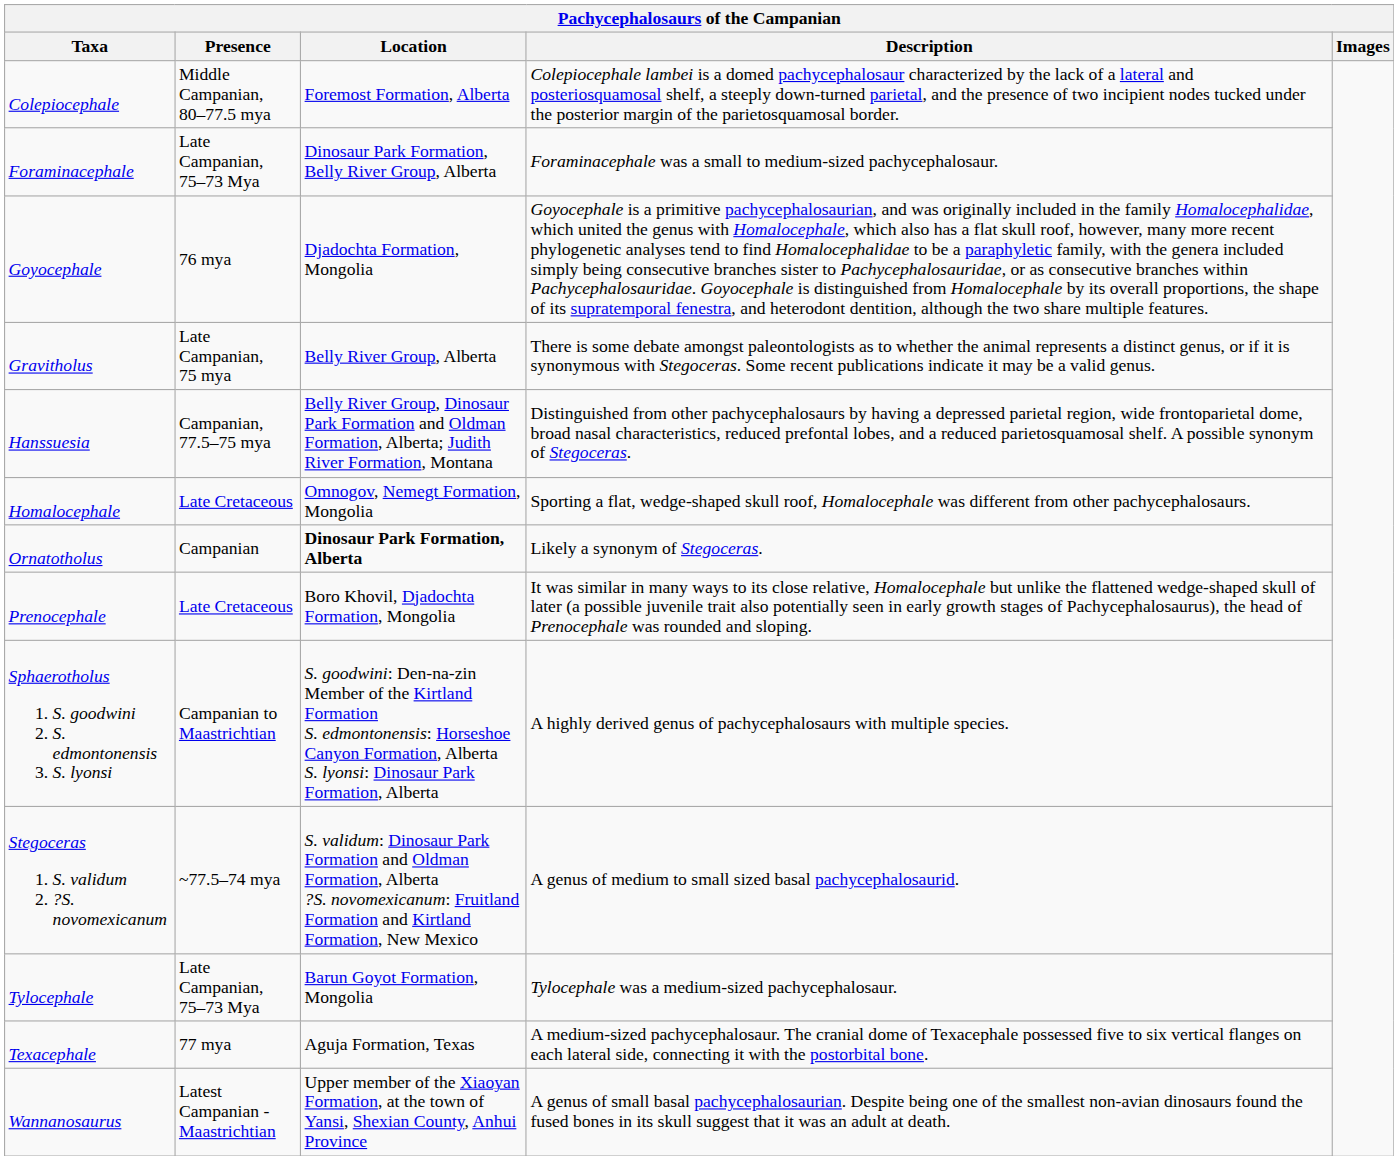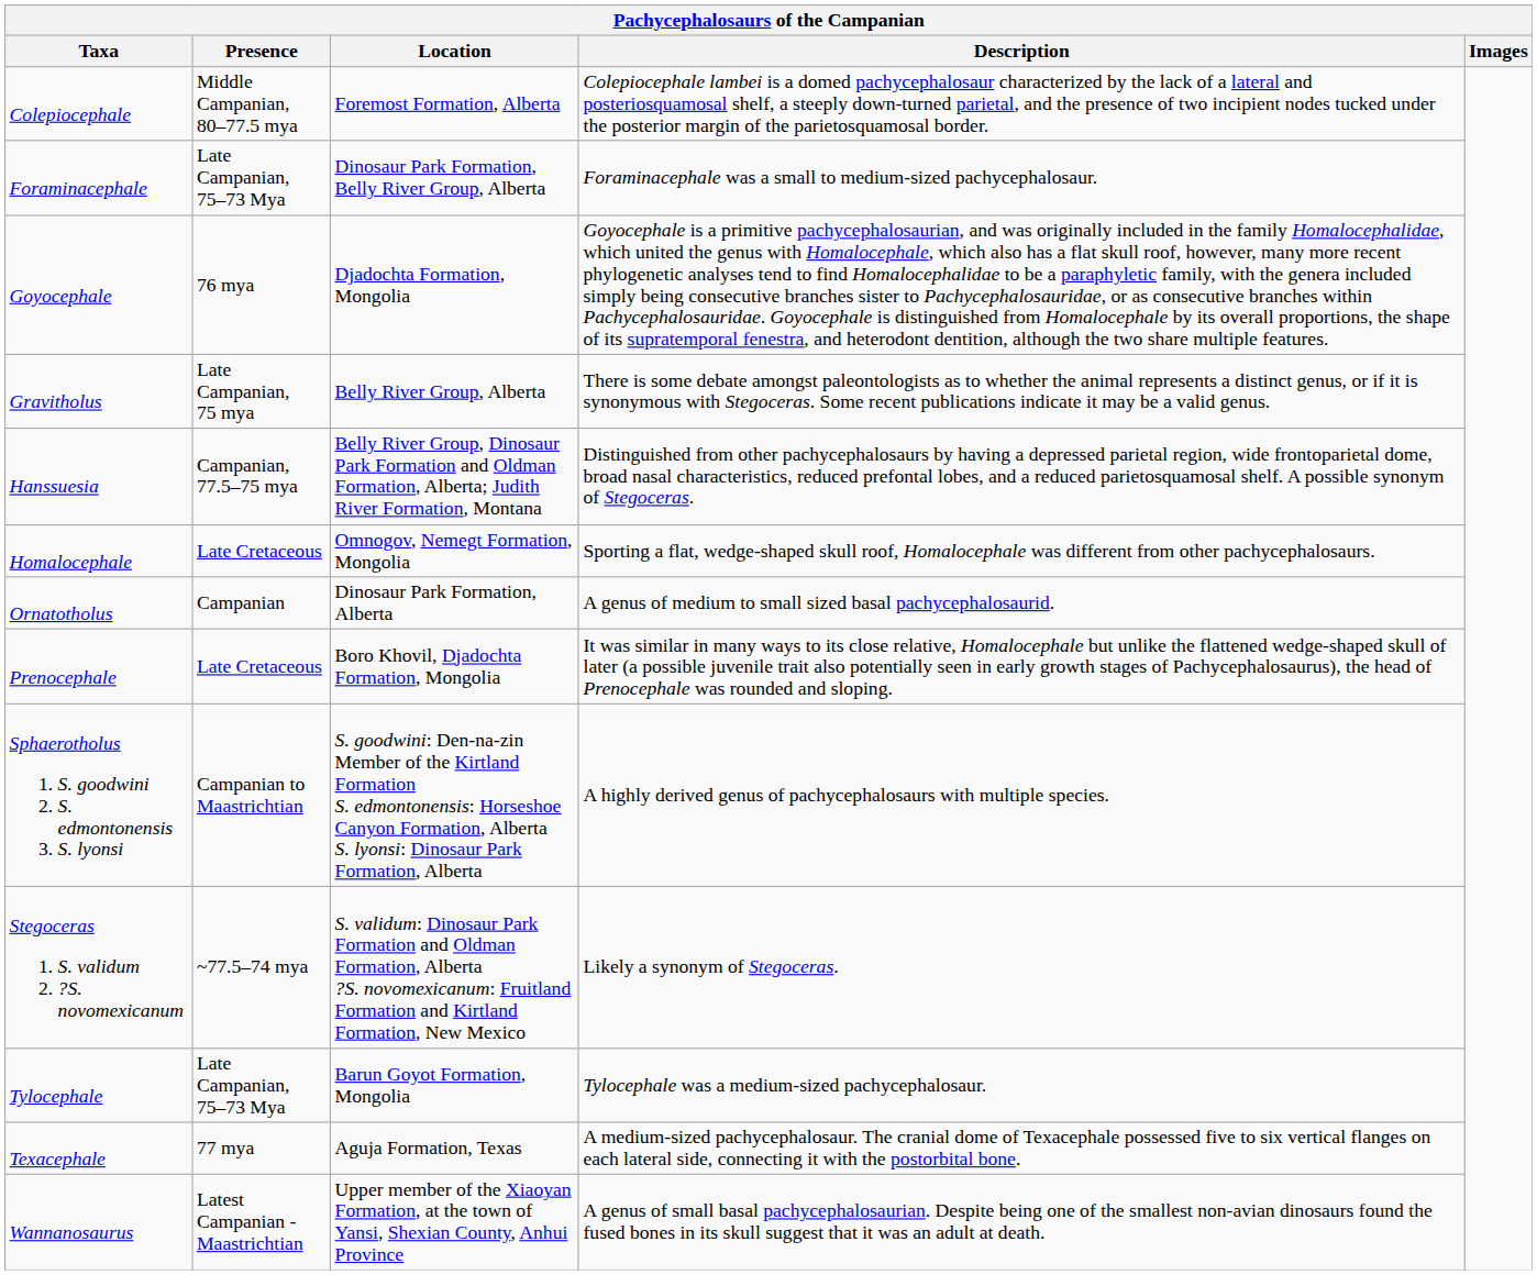 <table class="wikitable" align="center" width="100%">
 <tr>
 <th colspan="5" align="center"><a href='#'>Pachycephalosaurs</a> of the Campanian</th>
 </tr>
 <tr>
 <th>Taxa</th>
 <th>Presence</th>
 <th>Location</th>
 <th>Description</th>
 <th>Images</th>
 </tr>
 <tr>
 <td><br><em><a href='#'>Colepiocephale</a></em></td>
 <td>Middle Campanian,<br>80–77.5 mya</td>
 <td><a href='#'>Foremost Formation</a>, <a href='#'>Alberta</a></td>
 <td><em>Colepiocephale lambei</em> is a domed <a href='#'>pachycephalosaur</a> characterized by the lack of a <a href='#'>lateral</a> and <a href='#'>posteriosquamosal</a> shelf, a steeply down-turned <a href='#'>parietal</a>, and the presence of two incipient nodes tucked under the posterior margin of the parietosquamosal border.</td>
 <td rowspan="99"><br><br><br><br><br><br><br><br><br></td>
 </tr>
 <tr>
 <td><br><em><a href='#'>Foraminacephale</a></em></td>
 <td>Late Campanian,<br>75–73 Mya</td>
 <td><a href='#'>Dinosaur Park Formation</a>, <a href='#'>Belly River Group</a>, Alberta</td>
 <td><em>Foraminacephale</em> was a small to medium-sized pachycephalosaur.</td>
 </tr>
 <tr>
 <td><br><em><a href='#'>Goyocephale</a></em></td>
 <td>76 mya</td>
 <td><a href='#'>Djadochta Formation</a>, Mongolia</td>
 <td><em>Goyocephale</em> is a primitive <a href='#'>pachycephalosaurian</a>, and was originally included in the family <em><a href='#'>Homalocephalidae</a></em>, which united the genus with <em><a href='#'>Homalocephale</a></em>, which also has a flat skull roof, however, many more recent phylogenetic analyses tend to find <em>Homalocephalidae</em> to be a <a href='#'>paraphyletic</a> family, with the genera included simply being consecutive branches sister to <em>Pachycephalosauridae</em>, or as consecutive branches within <em>Pachycephalosauridae</em>. <em>Goyocephale</em> is distinguished from <em>Homalocephale</em> by its overall proportions, the shape of its <a href='#'>supratemporal fenestra</a>, and heterodont dentition, although the two share multiple features.</td>
 </tr>
 <tr>
 <td><br><em><a href='#'>Gravitholus</a></em></td>
 <td>Late Campanian,<br>75 mya</td>
 <td><a href='#'>Belly River Group</a>, Alberta</td>
 <td>There is some debate amongst paleontologists as to whether the animal represents a distinct genus, or if it is synonymous with <em>Stegoceras</em>. Some recent publications indicate it may be a valid genus.</td>
 </tr>
 <tr>
 <td><br><em><a href='#'>Hanssuesia</a></em></td>
 <td>Campanian, 77.5–75 mya</td>
 <td><a href='#'>Belly River Group</a>, <a href='#'>Dinosaur Park Formation</a> and <a href='#'>Oldman Formation</a>, Alberta; <a href='#'>Judith River Formation</a>, Montana</td>
 <td>Distinguished from other pachycephalosaurs by having a depressed parietal region, wide frontoparietal dome, broad nasal characteristics, reduced prefontal lobes, and a reduced parietosquamosal shelf. A possible synonym of <em><a href='#'>Stegoceras</a></em>.</td>
 </tr>
 <tr>
 <td><br><em><a href='#'>Homalocephale</a></em></td>
 <td><a href='#'>Late Cretaceous</a></td>
 <td><a href='#'>Omnogov</a>, <a href='#'>Nemegt Formation</a>, Mongolia</td>
 <td>Sporting a flat, wedge-shaped skull roof, <em>Homalocephale</em> was different from other pachycephalosaurs.</td>
 </tr>
 <tr>
 <td><br><em><a href='#'>Ornatotholus</a></em></td>
 <td>Campanian</td>
-<td><strong>Dinosaur Park Formation, Alberta</strong></td>
-<td>Likely a synonym of <em><a href='#'>Stegoceras</a></em>.</td>
+<td>Dinosaur Park Formation, Alberta</td>
+<td>A genus of medium to small sized basal <a href='#'>pachycephalosaurid</a>.</td>
 </tr>
 <tr>
 <td><br><em><a href='#'>Prenocephale</a></em></td>
 <td><a href='#'>Late Cretaceous</a></td>
 <td>Boro Khovil, <a href='#'>Djadochta Formation</a>, Mongolia </td>
 <td>It was similar in many ways to its close relative, <em>Homalocephale</em> but unlike the flattened wedge-shaped skull of later (a possible juvenile trait also potentially seen in early growth stages of Pachycephalosaurus), the head of <em>Prenocephale</em> was rounded and sloping.</td>
 </tr>
 <tr>
 <td><br><em><a href='#'>Sphaerotholus</a></em><ol><li><em>S. goodwini</em></li><li><em>S. edmontonensis</em></li><li><em>S. lyonsi</em></li></ol></td>
 <td>Campanian to <a href='#'>Maastrichtian</a></td>
 <td><br><em>S. goodwini</em>: Den-na-zin Member of the <a href='#'>Kirtland Formation</a><br><em>S. edmontonensis</em>: <a href='#'>Horseshoe Canyon Formation</a>, Alberta<br><em>S. lyonsi</em>: <a href='#'>Dinosaur Park Formation</a>, Alberta</td>
 <td>A highly derived genus of pachycephalosaurs with multiple species.</td>
 </tr>
 <tr>
 <td><br><em><a href='#'>Stegoceras</a></em><ol><li><em>S. validum</em></li><li><em>?S. novomexicanum</em></li></ol></td>
 <td>~77.5–74 mya</td>
 <td><br><em>S. validum</em>: <a href='#'>Dinosaur Park Formation</a> and <a href='#'>Oldman Formation</a>, Alberta<br><em>?S. novomexicanum</em>: <a href='#'>Fruitland Formation</a> and <a href='#'>Kirtland Formation</a>, New Mexico</td>
-<td>A genus of medium to small sized basal <a href='#'>pachycephalosaurid</a>.</td>
+<td>Likely a synonym of <em><a href='#'>Stegoceras</a></em>.</td>
 </tr>
 <tr>
 <td><br><em><a href='#'>Tylocephale</a></em></td>
 <td>Late Campanian,<br>75–73 Mya</td>
 <td><a href='#'>Barun Goyot Formation</a>, Mongolia</td>
 <td><em>Tylocephale</em> was a medium-sized pachycephalosaur.</td>
 </tr>
 <tr>
 <td><br><em><a href='#'>Texacephale</a></em></td>
 <td>77 mya</td>
 <td>Aguja Formation, Texas</td>
 <td>A medium-sized pachycephalosaur. The cranial dome of Texacephale possessed five to six vertical flanges on each lateral side, connecting it with the <a href='#'>postorbital bone</a>.</td>
 </tr>
 <tr>
 <td><br><em><a href='#'>Wannanosaurus</a></em></td>
 <td>Latest Campanian - <a href='#'>Maastrichtian</a></td>
 <td>Upper member of the <a href='#'>Xiaoyan Formation</a>, at the town of <a href='#'>Yansi</a>, <a href='#'>Shexian County</a>, <a href='#'>Anhui Province</a></td>
 <td>A genus of small basal <a href='#'>pachycephalosaurian</a>. Despite being one of the smallest non-avian dinosaurs found  the fused bones in its skull suggest that it was an adult at death.</td>
 </tr>
 <tr>
 </tr>
 </table>
